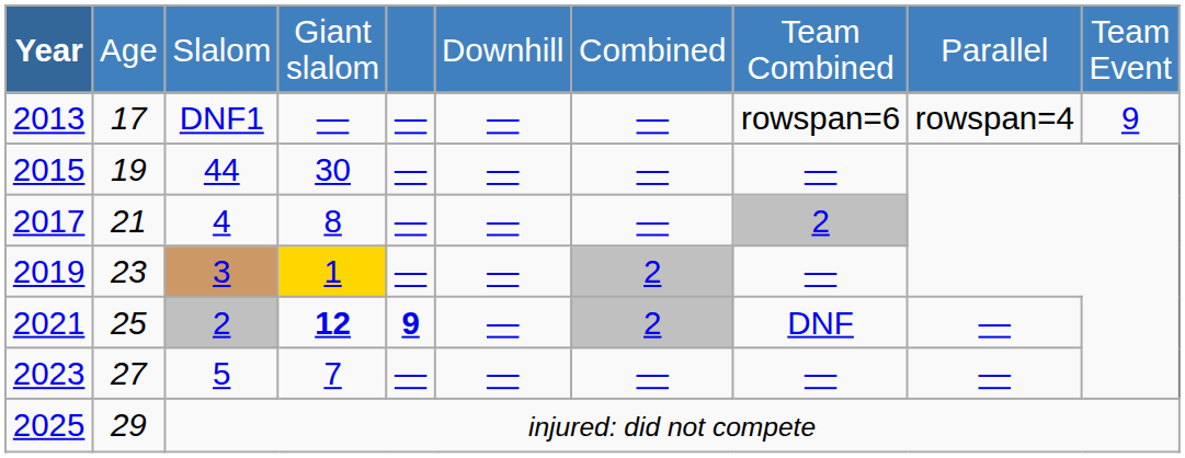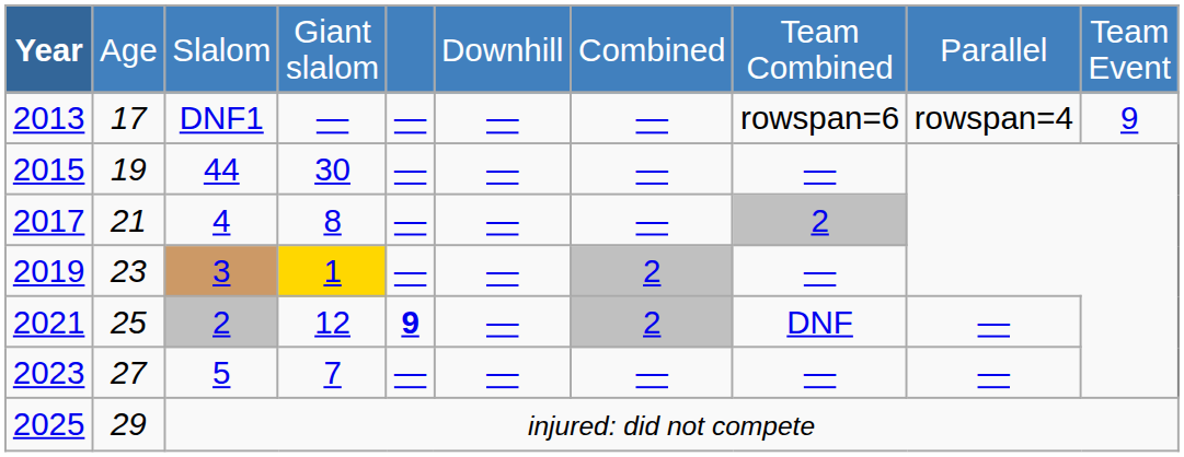 <table class="wikitable" style="font-size:95%; text-align:center; border:grey solid 1px; border-collapse:collapse;" width="40%">
 <tr style="background-color:#369; color:white;">
 <td rowspan="2" colspan="1" width="4%"><strong>Year</strong></td>
 </tr>
 <tr style="background-color:#4180be; color:white;">
 <td width="3%">Age</td>
 <td width="5%">Slalom</td>
 <td width="5%">Giant<br>slalom</td>
 <td width="5%"></td>
 <td width="5%">Downhill</td>
 <td width="5%">Combined</td>
 <td width="5%">Team<br>Combined</td>
 <td width="5%">Parallel</td>
 <td width="5%">Team Event</td>
 </tr>
 <tr style="background-color:#8CB2D8; color:white;">
 </tr>
 <tr>
 <td><a href='#'>2013</a></td>
 <td><em>17</em></td>
 <td><a href='#'>DNF1</a></td>
 <td><a href='#'>—</a></td>
 <td><a href='#'>—</a></td>
 <td><a href='#'>—</a></td>
 <td><a href='#'>—</a></td>
 <td>rowspan=6</td>
 <td>rowspan=4 </td>
 <td><a href='#'>9</a></td>
 </tr>
 <tr>
 <td><a href='#'>2015</a></td>
 <td><em>19</em></td>
 <td><a href='#'>44</a></td>
 <td><a href='#'>30</a></td>
 <td><a href='#'>—</a></td>
 <td><a href='#'>—</a></td>
 <td><a href='#'>—</a></td>
 <td><a href='#'>—</a></td>
 </tr>
 <tr>
 <td><a href='#'>2017</a></td>
 <td><em>21</em></td>
 <td><a href='#'>4</a></td>
 <td><a href='#'>8</a></td>
 <td><a href='#'>—</a></td>
 <td><a href='#'>—</a></td>
 <td><a href='#'>—</a></td>
 <td style="background:silver;"><a href='#'>2</a></td>
 </tr>
 <tr>
 <td><a href='#'>2019</a></td>
 <td><em>23</em></td>
 <td style="background:#c96 "><a href='#'>3</a></td>
 <td style="background:gold;"><a href='#'>1</a></td>
 <td><a href='#'>—</a></td>
 <td><a href='#'>—</a></td>
 <td style="background:silver;"><a href='#'>2</a></td>
 <td><a href='#'>—</a></td>
 </tr>
 <tr>
 <td><a href='#'>2021</a></td>
 <td><em>25</em></td>
 <td style="background:silver;"><a href='#'>2</a></td>
-<td><strong><a href='#'>12</a></strong></td>
+<td><a href='#'>12</a></td>
 <td><strong><a href='#'>9</a></strong></td>
 <td><a href='#'>—</a></td>
 <td style="background:silver;"><a href='#'>2</a></td>
 <td><a href='#'>DNF</a></td>
 <td><a href='#'>—</a></td>
 </tr>
 <tr>
 <td><a href='#'>2023</a></td>
 <td><em>27</em></td>
 <td><a href='#'>5</a></td>
 <td><a href='#'>7</a></td>
 <td><a href='#'>—</a></td>
 <td><a href='#'>—</a></td>
 <td><a href='#'>—</a></td>
 <td><a href='#'>—</a></td>
 <td><a href='#'>—</a></td>
 </tr>
 <tr>
 <td><a href='#'>2025</a></td>
 <td><em>29</em></td>
 <td colspan=8><em><small>injured: did not compete</small></em></td>
 </tr>
 </table>
